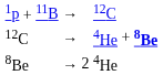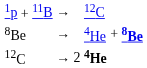 <table>
 <tr>
 <td><a href='#'><sup>1</sup>p</a> + <a href='#'><sup>11</sup>B</a></td>
 <td>→</td>
 <td></td>
 <td><a href='#'><sup>12</sup>C</a></td>
 </tr>
 <tr>
-<td><sup>12</sup>C</td>
+<td><sup>8</sup>Be</td>
 <td>→</td>
 <td></td>
 <td><a href='#'><sup>4</sup>He</a></td>
 <td>+</td>
 <td><strong><a href='#'><sup>8</sup>Be</a></strong></td>
 </tr>
 <tr>
-<td><sup>8</sup>Be</td>
+<td><sup>12</sup>C</td>
 <td>→</td>
 <td>2</td>
-<td><sup>4</sup>He</td>
+<td><strong><sup>4</sup>He</strong></td>
 </tr>
 <tr>
 </tr>
 </table>
